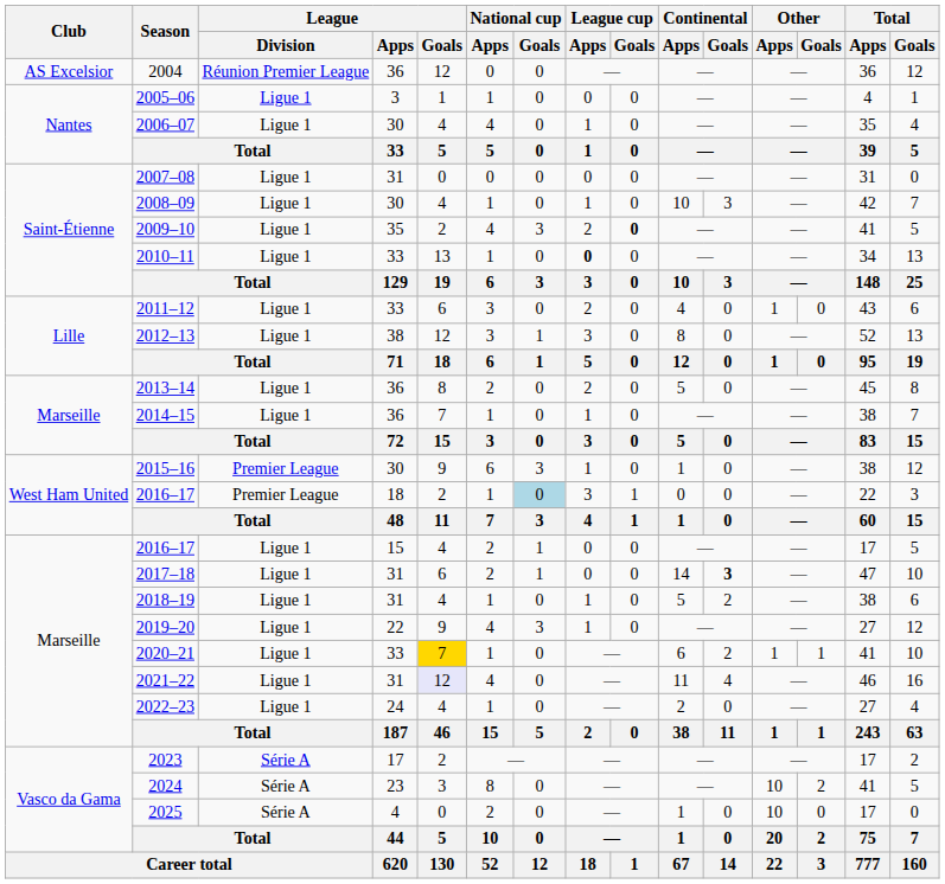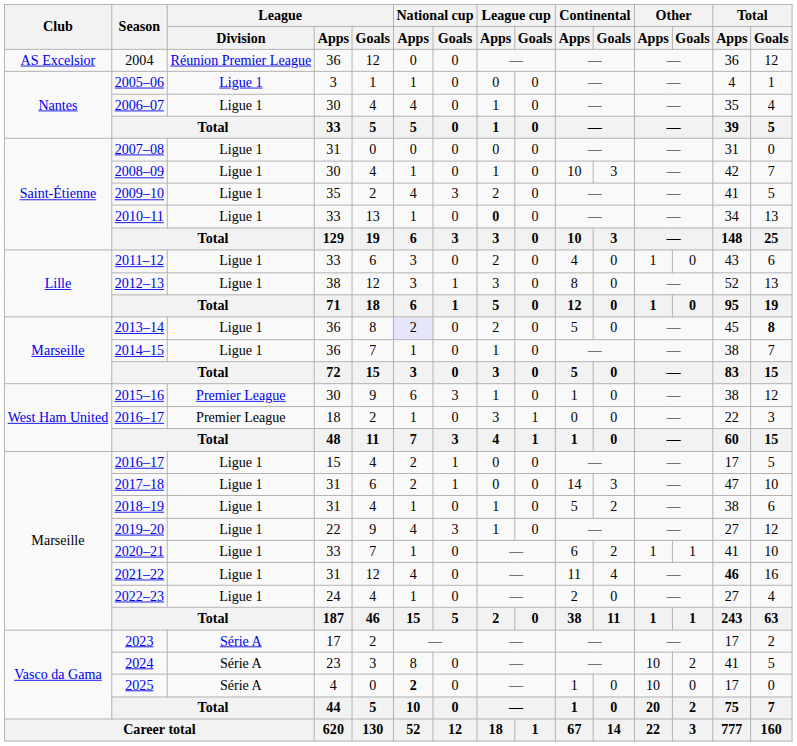 <table class="wikitable" style="text-align: center;">
 <tr>
 <th rowspan="2">Club</th>
 <th rowspan="2">Season</th>
 <th colspan="3">League</th>
 <th colspan="2">National cup</th>
 <th colspan="2">League cup</th>
 <th colspan="2">Continental</th>
 <th colspan="2">Other</th>
 <th colspan="2">Total</th>
 </tr>
 <tr>
 <th>Division</th>
 <th>Apps</th>
 <th>Goals</th>
 <th>Apps</th>
 <th>Goals</th>
 <th>Apps</th>
 <th>Goals</th>
 <th>Apps</th>
 <th>Goals</th>
 <th>Apps</th>
 <th>Goals</th>
 <th>Apps</th>
 <th>Goals</th>
 </tr>
 <tr>
 <td><a href='#'>AS Excelsior</a></td>
 <td>2004</td>
 <td><a href='#'>Réunion Premier League</a></td>
 <td>36</td>
 <td>12</td>
 <td>0</td>
 <td>0</td>
 <td colspan="2">—</td>
 <td colspan="2">—</td>
 <td colspan="2">—</td>
 <td>36</td>
 <td>12</td>
 </tr>
 <tr>
 <td rowspan="3"><a href='#'>Nantes</a></td>
 <td><a href='#'>2005–06</a></td>
 <td><a href='#'>Ligue 1</a></td>
 <td>3</td>
 <td>1</td>
 <td>1</td>
 <td>0</td>
 <td>0</td>
 <td>0</td>
 <td colspan="2">—</td>
 <td colspan="2">—</td>
 <td>4</td>
 <td>1</td>
 </tr>
 <tr>
 <td><a href='#'>2006–07</a></td>
 <td>Ligue 1</td>
 <td>30</td>
 <td>4</td>
 <td>4</td>
 <td>0</td>
 <td>1</td>
 <td>0</td>
 <td colspan="2">—</td>
 <td colspan="2">—</td>
 <td>35</td>
 <td>4</td>
 </tr>
 <tr>
 <th colspan="2">Total</th>
 <th>33</th>
 <th>5</th>
 <th>5</th>
 <th>0</th>
 <th>1</th>
 <th>0</th>
 <th colspan="2">—</th>
 <th colspan="2">—</th>
 <th>39</th>
 <th>5</th>
 </tr>
 <tr>
 <td rowspan="5"><a href='#'>Saint-Étienne</a></td>
 <td><a href='#'>2007–08</a></td>
 <td>Ligue 1</td>
 <td>31</td>
 <td>0</td>
 <td>0</td>
 <td>0</td>
 <td>0</td>
 <td>0</td>
 <td colspan="2">—</td>
 <td colspan="2">—</td>
 <td>31</td>
 <td>0</td>
 </tr>
 <tr>
 <td><a href='#'>2008–09</a></td>
 <td>Ligue 1</td>
 <td>30</td>
 <td>4</td>
 <td>1</td>
 <td>0</td>
 <td>1</td>
 <td>0</td>
 <td>10</td>
 <td>3</td>
 <td colspan="2">—</td>
 <td>42</td>
 <td>7</td>
 </tr>
 <tr>
 <td><a href='#'>2009–10</a></td>
 <td>Ligue 1</td>
 <td>35</td>
 <td>2</td>
 <td>4</td>
 <td>3</td>
 <td>2</td>
-<td><strong>0</strong></td>
+<td>0</td>
 <td colspan="2">—</td>
 <td colspan="2">—</td>
 <td>41</td>
 <td>5</td>
 </tr>
 <tr>
 <td><a href='#'>2010–11</a></td>
 <td>Ligue 1</td>
 <td>33</td>
 <td>13</td>
 <td>1</td>
 <td>0</td>
 <td><strong>0</strong></td>
 <td>0</td>
 <td colspan="2">—</td>
 <td colspan="2">—</td>
 <td>34</td>
 <td>13</td>
 </tr>
 <tr>
 <th colspan="2">Total</th>
 <th>129</th>
 <th>19</th>
 <th>6</th>
 <th>3</th>
 <th>3</th>
 <th>0</th>
 <th>10</th>
 <th>3</th>
 <th colspan="2">—</th>
 <th>148</th>
 <th>25</th>
 </tr>
 <tr>
 <td rowspan="3"><a href='#'>Lille</a></td>
 <td><a href='#'>2011–12</a></td>
 <td>Ligue 1</td>
 <td>33</td>
 <td>6</td>
 <td>3</td>
 <td>0</td>
 <td>2</td>
 <td>0</td>
 <td>4</td>
 <td>0</td>
 <td>1</td>
 <td>0</td>
 <td>43</td>
 <td>6</td>
 </tr>
 <tr>
 <td><a href='#'>2012–13</a></td>
 <td>Ligue 1</td>
 <td>38</td>
 <td>12</td>
 <td>3</td>
 <td>1</td>
 <td>3</td>
 <td>0</td>
 <td>8</td>
 <td>0</td>
 <td colspan="2">—</td>
 <td>52</td>
 <td>13</td>
 </tr>
 <tr>
 <th colspan="2">Total</th>
 <th>71</th>
 <th>18</th>
 <th>6</th>
 <th>1</th>
 <th>5</th>
 <th>0</th>
 <th>12</th>
 <th>0</th>
 <th>1</th>
 <th>0</th>
 <th>95</th>
 <th>19</th>
 </tr>
 <tr>
 <td rowspan="3"><a href='#'>Marseille</a></td>
 <td><a href='#'>2013–14</a></td>
 <td>Ligue 1</td>
 <td>36</td>
 <td>8</td>
-<td>2</td>
+<td style="background: lavender;">2</td>
 <td>0</td>
 <td>2</td>
 <td>0</td>
 <td>5</td>
 <td>0</td>
 <td colspan="2">—</td>
 <td>45</td>
-<td>8</td>
+<td><strong>8</strong></td>
 </tr>
 <tr>
 <td><a href='#'>2014–15</a></td>
 <td>Ligue 1</td>
 <td>36</td>
 <td>7</td>
 <td>1</td>
 <td>0</td>
 <td>1</td>
 <td>0</td>
 <td colspan="2">—</td>
 <td colspan="2">—</td>
 <td>38</td>
 <td>7</td>
 </tr>
 <tr>
 <th colspan="2">Total</th>
 <th>72</th>
 <th>15</th>
 <th>3</th>
 <th>0</th>
 <th>3</th>
 <th>0</th>
 <th>5</th>
 <th>0</th>
 <th colspan="2">—</th>
 <th>83</th>
 <th>15</th>
 </tr>
 <tr>
 <td rowspan="3"><a href='#'>West Ham United</a></td>
 <td><a href='#'>2015–16</a></td>
 <td><a href='#'>Premier League</a></td>
 <td>30</td>
 <td>9</td>
 <td>6</td>
 <td>3</td>
 <td>1</td>
 <td>0</td>
 <td>1</td>
 <td>0</td>
 <td colspan="2">—</td>
 <td>38</td>
 <td>12</td>
 </tr>
 <tr>
 <td><a href='#'>2016–17</a></td>
 <td>Premier League</td>
 <td>18</td>
 <td>2</td>
 <td>1</td>
-<td style="background: lightblue;">0</td>
+<td>0</td>
 <td>3</td>
 <td>1</td>
 <td>0</td>
 <td>0</td>
 <td colspan="2">—</td>
 <td>22</td>
 <td>3</td>
 </tr>
 <tr>
 <th colspan="2">Total</th>
 <th>48</th>
 <th>11</th>
 <th>7</th>
 <th>3</th>
 <th>4</th>
 <th>1</th>
 <th>1</th>
 <th>0</th>
 <th colspan="2">—</th>
 <th>60</th>
 <th>15</th>
 </tr>
 <tr>
 <td rowspan="8">Marseille</td>
 <td><a href='#'>2016–17</a></td>
 <td>Ligue 1</td>
 <td>15</td>
 <td>4</td>
 <td>2</td>
 <td>1</td>
 <td>0</td>
 <td>0</td>
 <td colspan="2">—</td>
 <td colspan="2">—</td>
 <td>17</td>
 <td>5</td>
 </tr>
 <tr>
 <td><a href='#'>2017–18</a></td>
 <td>Ligue 1</td>
 <td>31</td>
 <td>6</td>
 <td>2</td>
 <td>1</td>
 <td>0</td>
 <td>0</td>
 <td>14</td>
-<td><strong>3</strong></td>
+<td>3</td>
 <td colspan="2">—</td>
 <td>47</td>
 <td>10</td>
 </tr>
 <tr>
 <td><a href='#'>2018–19</a></td>
 <td>Ligue 1</td>
 <td>31</td>
 <td>4</td>
 <td>1</td>
 <td>0</td>
 <td>1</td>
 <td>0</td>
 <td>5</td>
 <td>2</td>
 <td colspan="2">—</td>
 <td>38</td>
 <td>6</td>
 </tr>
 <tr>
 <td><a href='#'>2019–20</a></td>
 <td>Ligue 1</td>
 <td>22</td>
 <td>9</td>
 <td>4</td>
 <td>3</td>
 <td>1</td>
 <td>0</td>
 <td colspan="2">—</td>
 <td colspan="2">—</td>
 <td>27</td>
 <td>12</td>
 </tr>
 <tr>
 <td><a href='#'>2020–21</a></td>
 <td>Ligue 1</td>
 <td>33</td>
-<td style="background: gold;">7</td>
+<td>7</td>
 <td>1</td>
 <td>0</td>
 <td colspan="2">—</td>
 <td>6</td>
 <td>2</td>
 <td>1</td>
 <td>1</td>
 <td>41</td>
 <td>10</td>
 </tr>
 <tr>
 <td><a href='#'>2021–22</a></td>
 <td>Ligue 1</td>
 <td>31</td>
-<td style="background: lavender;">12</td>
+<td>12</td>
 <td>4</td>
 <td>0</td>
 <td colspan="2">—</td>
 <td>11</td>
 <td>4</td>
 <td colspan="2">—</td>
-<td>46</td>
+<td><strong>46</strong></td>
 <td>16</td>
 </tr>
 <tr>
 <td><a href='#'>2022–23</a></td>
 <td>Ligue 1</td>
 <td>24</td>
 <td>4</td>
 <td>1</td>
 <td>0</td>
 <td colspan="2">—</td>
 <td>2</td>
 <td>0</td>
 <td colspan="2">—</td>
 <td>27</td>
 <td>4</td>
 </tr>
 <tr>
 <th colspan="2">Total</th>
 <th>187</th>
 <th>46</th>
 <th>15</th>
 <th>5</th>
 <th>2</th>
 <th>0</th>
 <th>38</th>
 <th>11</th>
 <th>1</th>
 <th>1</th>
 <th>243</th>
 <th>63</th>
 </tr>
 <tr>
 <td rowspan="4"><a href='#'>Vasco da Gama</a></td>
 <td><a href='#'>2023</a></td>
 <td><a href='#'>Série A</a></td>
 <td>17</td>
 <td>2</td>
 <td colspan="2">—</td>
 <td colspan="2">—</td>
 <td colspan="2">—</td>
 <td colspan="2">—</td>
 <td>17</td>
 <td>2</td>
 </tr>
 <tr>
 <td><a href='#'>2024</a></td>
 <td>Série A</td>
 <td>23</td>
 <td>3</td>
 <td>8</td>
 <td>0</td>
 <td colspan="2">—</td>
 <td colspan="2">—</td>
 <td>10</td>
 <td>2</td>
 <td>41</td>
 <td>5</td>
 </tr>
 <tr>
 <td><a href='#'>2025</a></td>
 <td>Série A</td>
 <td>4</td>
 <td>0</td>
-<td>2</td>
+<td><strong>2</strong></td>
 <td>0</td>
 <td colspan="2">—</td>
 <td>1</td>
 <td>0</td>
 <td>10</td>
 <td>0</td>
 <td>17</td>
 <td>0</td>
 </tr>
 <tr>
 <th colspan="2">Total</th>
 <th>44</th>
 <th>5</th>
 <th>10</th>
 <th>0</th>
 <th colspan="2">—</th>
 <th>1</th>
 <th>0</th>
 <th>20</th>
 <th>2</th>
 <th>75</th>
 <th>7</th>
 </tr>
 <tr>
 <th colspan="3">Career total</th>
 <th>620</th>
 <th>130</th>
 <th>52</th>
 <th>12</th>
 <th>18</th>
 <th>1</th>
 <th>67</th>
 <th>14</th>
 <th>22</th>
 <th>3</th>
 <th>777</th>
 <th>160</th>
 </tr>
 </table>
